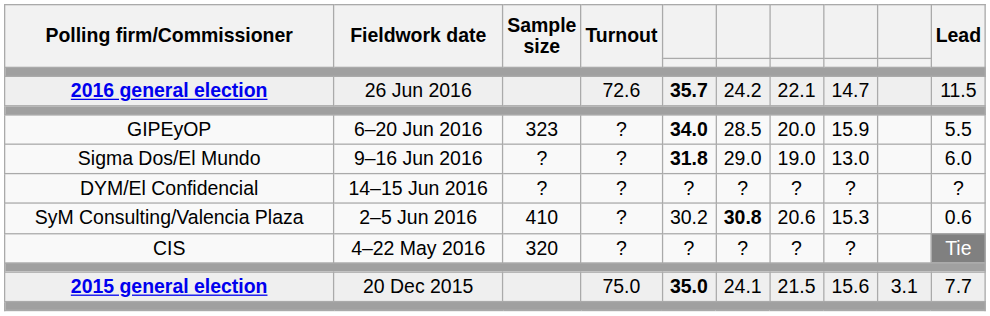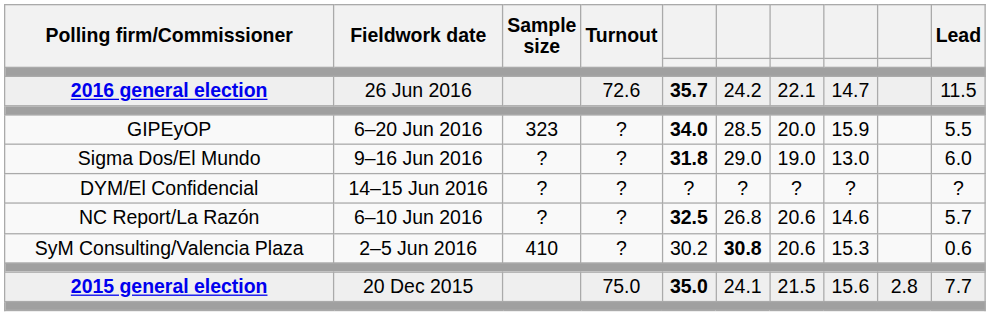 <table class="wikitable collapsible collapsed" style="text-align:center; font-size:95%; line-height:16px;">
 <tr style="height:42px; background-color:#E9E9E9">
 <th style="width:250px;" rowspan="2">Polling firm/Commissioner</th>
 <th style="width:125px;" rowspan="2">Fieldwork date</th>
 <th style="width:50px;" rowspan="2">Sample size</th>
 <th style="width:45px;" rowspan="2">Turnout</th>
 <th style="width:35px;"></th>
 <th style="width:35px;"><br></th>
 <th style="width:35px;"></th>
 <th style="width:35px;"></th>
 <th style="width:35px;"></th>
 <th style="width:30px;" rowspan="2">Lead</th>
 </tr>
 <tr>
 <th style="color:inherit;background:"></th>
 <th style="color:inherit;background:"></th>
 <th style="color:inherit;background:"></th>
 <th style="color:inherit;background:"></th>
 <th style="color:inherit;background:"></th>
 </tr>
 <tr>
 <td colspan="10" style="background:#A0A0A0"></td>
 </tr>
 <tr style="background:#EFEFEF;">
 <td><strong><a href='#'>2016 general election</a></strong></td>
 <td>26 Jun 2016</td>
 <td></td>
 <td>72.6</td>
 <td><strong>35.7</strong><br></td>
 <td>24.2<br></td>
 <td>22.1<br></td>
 <td>14.7<br></td>
 <td></td>
 <td style="background:">11.5</td>
 </tr>
 <tr>
 <td colspan="10" style="background:#A0A0A0"></td>
 </tr>
 <tr>
 <td>GIPEyOP</td>
 <td>6–20 Jun 2016</td>
 <td>323</td>
 <td>?</td>
 <td><strong>34.0</strong><br></td>
 <td>28.5<br></td>
 <td>20.0<br></td>
 <td>15.9<br></td>
 <td></td>
 <td style="background:">5.5</td>
 </tr>
 <tr>
 <td>Sigma Dos/El Mundo</td>
 <td>9–16 Jun 2016</td>
 <td>?</td>
 <td>?</td>
 <td><strong>31.8</strong><br></td>
 <td>29.0<br></td>
 <td>19.0<br></td>
 <td>13.0<br></td>
 <td></td>
 <td style="background:">6.0</td>
 </tr>
 <tr>
 <td>DYM/El Confidencial</td>
 <td>14–15 Jun 2016</td>
 <td>?</td>
 <td>?</td>
 <td>?<br></td>
 <td>?<br></td>
 <td>?<br></td>
 <td>?<br></td>
 <td></td>
 <td style="background:">?</td>
 </tr>
 <tr>
+<td>NC Report/La Razón</td>
+<td>6–10 Jun 2016</td>
+<td>?</td>
+<td>?</td>
+<td><strong>32.5</strong><br></td>
+<td>26.8<br></td>
+<td>20.6<br></td>
+<td>14.6<br></td>
+<td></td>
+<td style="background:">5.7</td>
+</tr>
+<tr>
 <td>SyM Consulting/Valencia Plaza</td>
 <td>2–5 Jun 2016</td>
 <td>410</td>
 <td>?</td>
 <td>30.2<br></td>
 <td><strong>30.8</strong><br></td>
 <td>20.6<br></td>
 <td>15.3<br></td>
 <td></td>
 <td style="background:">0.6</td>
-</tr>
-<tr>
-<td>CIS</td>
-<td>4–22 May 2016</td>
-<td>320</td>
-<td>?</td>
-<td>?<br></td>
-<td>?<br></td>
-<td>?<br></td>
-<td>?<br></td>
-<td></td>
-<td style="background:gray;color:white;">Tie</td>
 </tr>
 <tr>
 <td colspan="10" style="background:#A0A0A0"></td>
 </tr>
 <tr style="background:#EFEFEF;">
 <td><strong><a href='#'>2015 general election</a></strong></td>
 <td>20 Dec 2015</td>
 <td></td>
 <td>75.0</td>
 <td><strong>35.0</strong><br></td>
 <td>24.1<br></td>
 <td>21.5<br></td>
 <td>15.6<br></td>
-<td>3.1<br></td>
+<td>2.8<br></td>
 <td style="background:">7.7</td>
 </tr>
 <tr>
 <td colspan="10" style="background:#A0A0A0"></td>
 </tr>
 </table>
